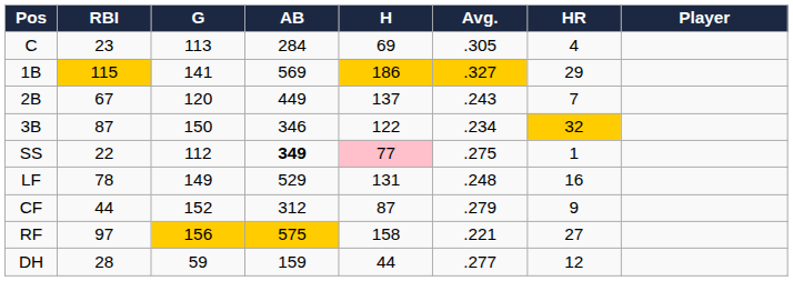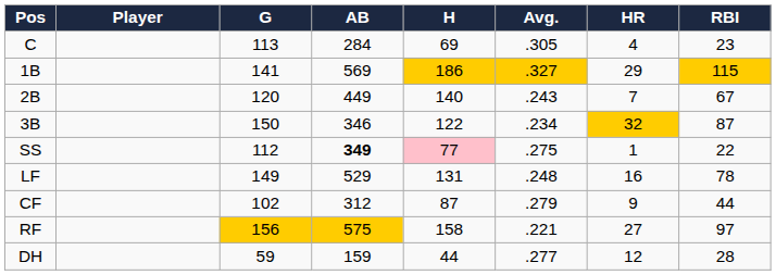 <table class="wikitable sortable">
 <tr>
 <th style="background:#1c2841; color:white; width:5%;">Pos</th>
-<th style="background:#1c2841; color:white; width:9%;">RBI</th>
+<th style="background:#1c2841; color:white; width:16%;">Player</th>
 <th style="background:#1c2841; color:white; width:9%;">G</th>
 <th style="background:#1c2841; color:white; width:9%;">AB</th>
 <th style="background:#1c2841; color:white; width:9%;">H</th>
 <th style="background:#1c2841; color:white; width:9%;">Avg.</th>
 <th style="background:#1c2841; color:white; width:9%;">HR</th>
-<th style="background:#1c2841; color:white; width:16%;">Player</th>
+<th style="background:#1c2841; color:white; width:9%;">RBI</th>
 </tr>
 <tr style="text-align:center;">
 <td>C</td>
-<td>23</td>
+<td></td>
 <td>113</td>
 <td>284</td>
 <td>69</td>
 <td>.305</td>
 <td>4</td>
-<td></td>
+<td>23</td>
 </tr>
 <tr style="text-align:center;">
 <td>1B</td>
-<td style="background:#fc0;">115</td>
+<td></td>
 <td>141</td>
 <td>569</td>
 <td style="background:#fc0;">186</td>
 <td style="background:#fc0;">.327</td>
 <td>29</td>
-<td></td>
+<td style="background:#fc0;">115</td>
 </tr>
 <tr style="text-align:center;">
 <td>2B</td>
-<td>67</td>
+<td></td>
 <td>120</td>
 <td>449</td>
-<td>137</td>
+<td>140</td>
 <td>.243</td>
 <td>7</td>
-<td></td>
+<td>67</td>
 </tr>
 <tr style="text-align:center;">
 <td>3B</td>
-<td>87</td>
+<td></td>
 <td>150</td>
 <td>346</td>
 <td>122</td>
 <td>.234</td>
 <td style="background:#fc0;">32</td>
-<td></td>
+<td>87</td>
 </tr>
 <tr style="text-align:center;">
 <td>SS</td>
-<td>22</td>
+<td></td>
 <td>112</td>
 <td><strong>349</strong></td>
 <td style="background: pink;">77</td>
 <td>.275</td>
 <td>1</td>
-<td></td>
+<td>22</td>
 </tr>
 <tr style="text-align:center;">
 <td>LF</td>
-<td>78</td>
+<td></td>
 <td>149</td>
 <td>529</td>
 <td>131</td>
 <td>.248</td>
 <td>16</td>
-<td></td>
+<td>78</td>
 </tr>
 <tr style="text-align:center;">
 <td>CF</td>
-<td>44</td>
-<td>152</td>
+<td></td>
+<td>102</td>
 <td>312</td>
 <td>87</td>
 <td>.279</td>
 <td>9</td>
-<td></td>
+<td>44</td>
 </tr>
 <tr style="text-align:center;">
 <td>RF</td>
-<td>97</td>
+<td></td>
 <td style="background:#fc0;">156</td>
 <td style="background:#fc0;">575</td>
 <td>158</td>
 <td>.221</td>
 <td>27</td>
-<td></td>
+<td>97</td>
 </tr>
 <tr style="text-align:center;">
 <td>DH</td>
-<td>28</td>
+<td></td>
 <td>59</td>
 <td>159</td>
 <td>44</td>
 <td>.277</td>
 <td>12</td>
-<td></td>
+<td>28</td>
 </tr>
 </table>
